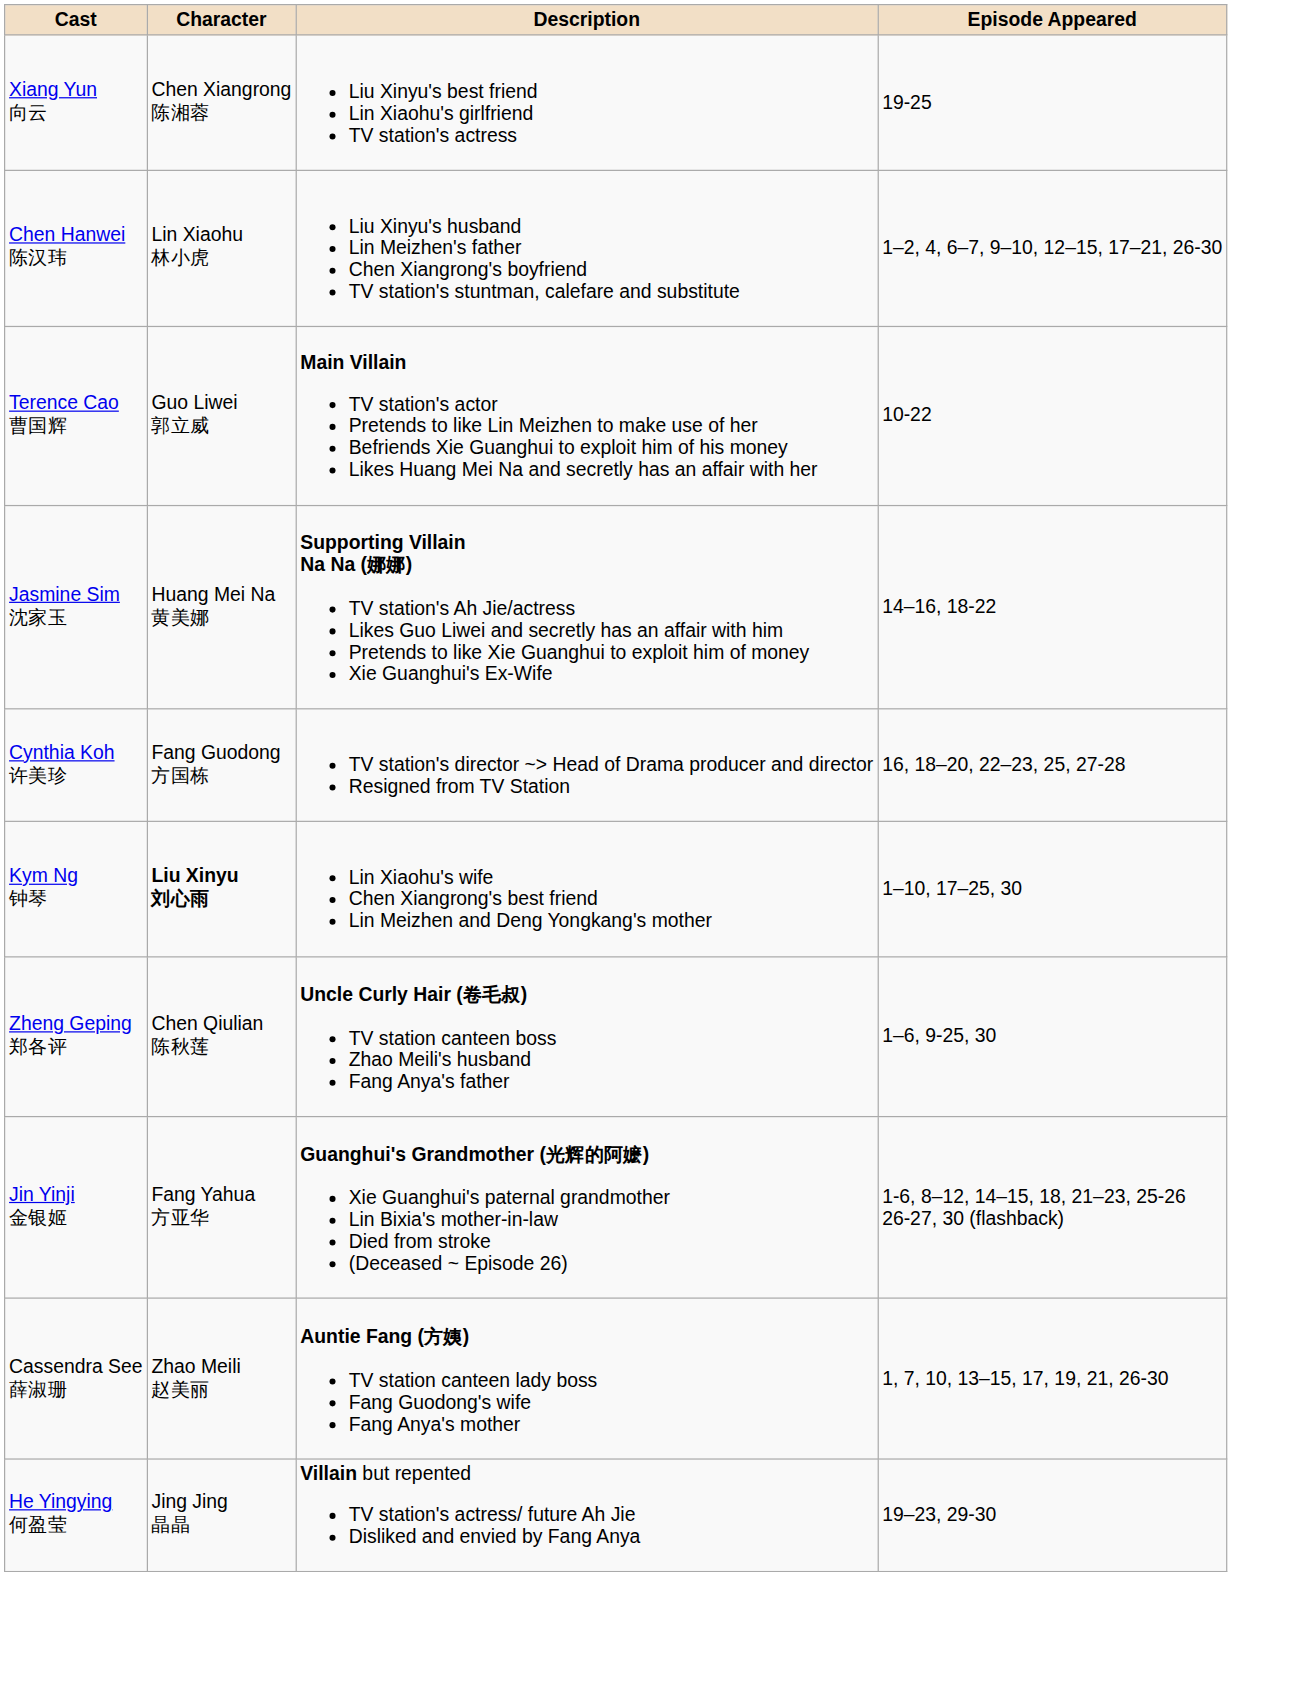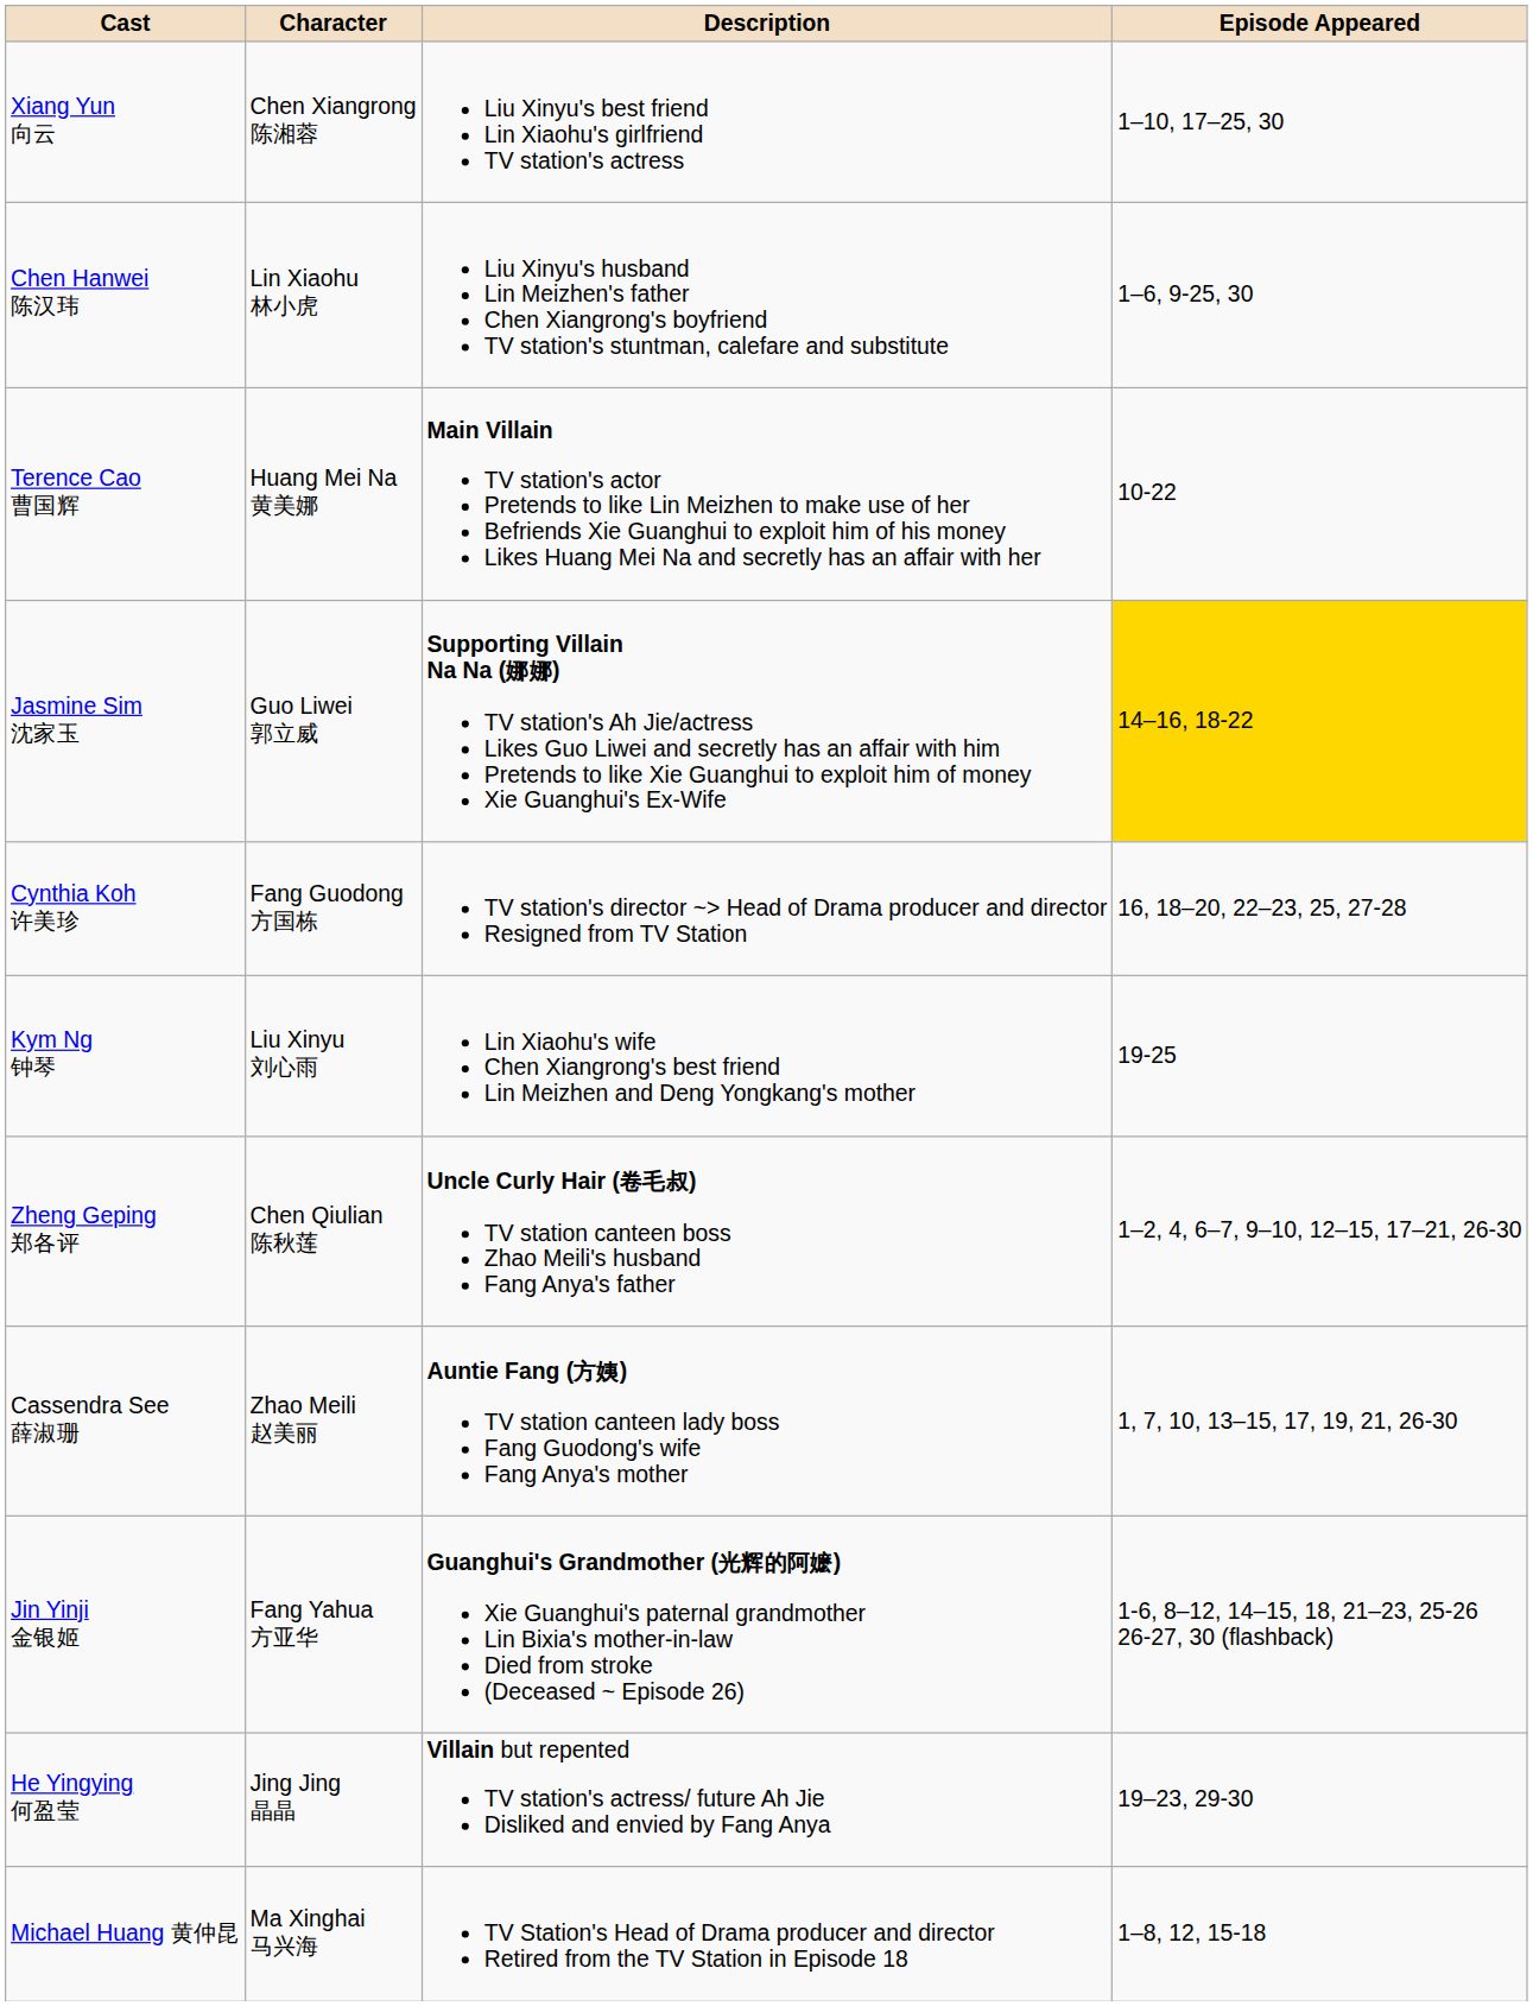 <table class="wikitable">
 <tr>
 <th style="background:#f2dfc6">Cast</th>
 <th style="background:#f2dfc6">Character</th>
 <th style="background:#f2dfc6">Description</th>
 <th style="background:#f2dfc6">Episode Appeared</th>
 </tr>
 <tr>
 <td><a href='#'>Xiang Yun</a> <br> 向云</td>
 <td>Chen Xiangrong <br> 陈湘蓉</td>
 <td><br><ul><li>Liu Xinyu's best friend</li><li>Lin Xiaohu's girlfriend</li><li>TV station's actress</li></ul></td>
-<td>19-25</td>
+<td>1–10, 17–25, 30</td>
 </tr>
 <tr>
 <td><a href='#'>Chen Hanwei</a> <br> 陈汉玮</td>
 <td>Lin Xiaohu <br> 林小虎</td>
 <td><br><ul><li>Liu Xinyu's husband</li><li>Lin Meizhen's father</li><li>Chen Xiangrong's boyfriend</li><li>TV station's stuntman, calefare and substitute</li></ul></td>
-<td>1–2, 4, 6–7, 9–10, 12–15, 17–21, 26-30</td>
+<td>1–6, 9-25, 30</td>
 </tr>
 <tr>
 <td><a href='#'>Terence Cao</a> <br> 曹国辉</td>
-<td>Guo Liwei <br> 郭立威</td>
+<td>Huang Mei Na <br> 黄美娜</td>
 <td><br><strong>Main Villain</strong><ul><li>TV station's actor</li><li>Pretends to like Lin Meizhen to make use of her</li><li>Befriends Xie Guanghui to exploit him of his money</li><li>Likes Huang Mei Na and secretly has an affair with her</li></ul></td>
 <td>10-22</td>
 </tr>
 <tr>
 <td><a href='#'>Jasmine Sim</a> <br> 沈家玉</td>
-<td>Huang Mei Na <br> 黄美娜</td>
+<td>Guo Liwei <br> 郭立威</td>
 <td><br><strong>Supporting Villain</strong> <br> <strong>Na Na (娜娜) </strong><ul><li>TV station's Ah Jie/actress</li><li>Likes Guo Liwei and secretly has an affair with him</li><li>Pretends to like Xie Guanghui to exploit him of money</li><li>Xie Guanghui's Ex-Wife</li></ul></td>
-<td>14–16, 18-22</td>
+<td style="background: gold;">14–16, 18-22</td>
 </tr>
 <tr>
 <td><a href='#'>Cynthia Koh</a> <br> 许美珍</td>
 <td>Fang Guodong <br>方国栋</td>
 <td><br><ul><li>TV station's director ~> Head of Drama producer and director</li><li>Resigned from TV Station</li></ul></td>
 <td>16, 18–20, 22–23, 25, 27-28</td>
 </tr>
 <tr>
 <td><a href='#'>Kym Ng</a> <br> 钟琴</td>
-<td><strong>Liu Xinyu <br> 刘心雨</strong></td>
+<td>Liu Xinyu <br> 刘心雨</td>
 <td><br><ul><li>Lin Xiaohu's wife</li><li>Chen Xiangrong's best friend</li><li>Lin Meizhen and Deng Yongkang's mother</li></ul></td>
-<td>1–10, 17–25, 30</td>
+<td>19-25</td>
 </tr>
 <tr>
 <td><a href='#'>Zheng Geping</a> <br> 郑各评</td>
 <td>Chen Qiulian <br> 陈秋莲</td>
 <td><br><strong>Uncle Curly Hair (卷毛叔)</strong><ul><li>TV station canteen boss</li><li>Zhao Meili's husband</li><li>Fang Anya's father</li></ul></td>
-<td>1–6, 9-25, 30</td>
+<td>1–2, 4, 6–7, 9–10, 12–15, 17–21, 26-30</td>
+</tr>
+<tr>
+<td>Cassendra See <br> 薛淑珊</td>
+<td>Zhao Meili <br> 赵美丽</td>
+<td><br><strong>Auntie Fang (方姨)</strong><ul><li>TV station canteen lady boss</li><li>Fang Guodong's wife</li><li>Fang Anya's mother</li></ul></td>
+<td>1, 7, 10, 13–15, 17, 19, 21, 26-30</td>
 </tr>
 <tr>
 <td><a href='#'>Jin Yinji</a> <br> 金银姬</td>
 <td>Fang Yahua <br> 方亚华</td>
 <td><br><strong>Guanghui's Grandmother (光辉的阿嬷)</strong><ul><li>Xie Guanghui's paternal grandmother</li><li>Lin Bixia's mother-in-law</li><li>Died from stroke</li><li>(Deceased ~ Episode 26)</li></ul></td>
 <td>1-6, 8–12, 14–15, 18, 21–23, 25-26 <br>26-27, 30 (flashback)</td>
 </tr>
 <tr>
-<td>Cassendra See <br> 薛淑珊</td>
-<td>Zhao Meili <br> 赵美丽</td>
-<td><br><strong>Auntie Fang (方姨)</strong><ul><li>TV station canteen lady boss</li><li>Fang Guodong's wife</li><li>Fang Anya's mother</li></ul></td>
-<td>1, 7, 10, 13–15, 17, 19, 21, 26-30</td>
-</tr>
-<tr>
 <td><a href='#'>He Yingying</a> <br> 何盈莹</td>
 <td>Jing Jing <br> 晶晶</td>
 <td><strong>Villain</strong> but repented<br><ul><li>TV station's actress/ future Ah Jie</li><li>Disliked and envied by Fang Anya</li></ul></td>
 <td>19–23, 29-30</td>
 </tr>
+<tr>
+<td><a href='#'>Michael Huang</a> 黄仲昆</td>
+<td>Ma Xinghai <br> 马兴海</td>
+<td><br><ul><li>TV Station's Head of Drama producer and director</li><li>Retired from the TV Station in Episode 18</li></ul></td>
+<td>1–8, 12, 15-18</td>
+</tr>
 </table>
